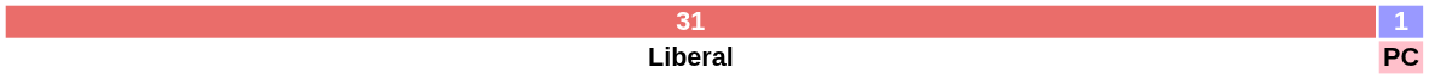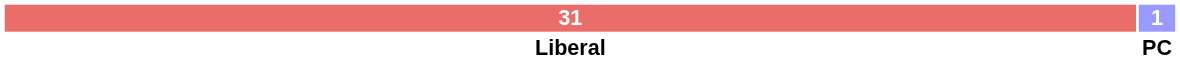 <table style="width:55%; text-align:center;">
 <tr style="color:white;">
 <td style="background:#EA6D6A; width:96.86%;"><strong>31</strong></td>
 <td style="background:#9999FF; width:3.14%;"><strong>1</strong></td>
 </tr>
 <tr>
 <td><span><strong>Liberal</strong></span></td>
-<td style="background: pink;"><span><strong>PC</strong></span></td>
+<td><span><strong>PC</strong></span></td>
 </tr>
 </table>
